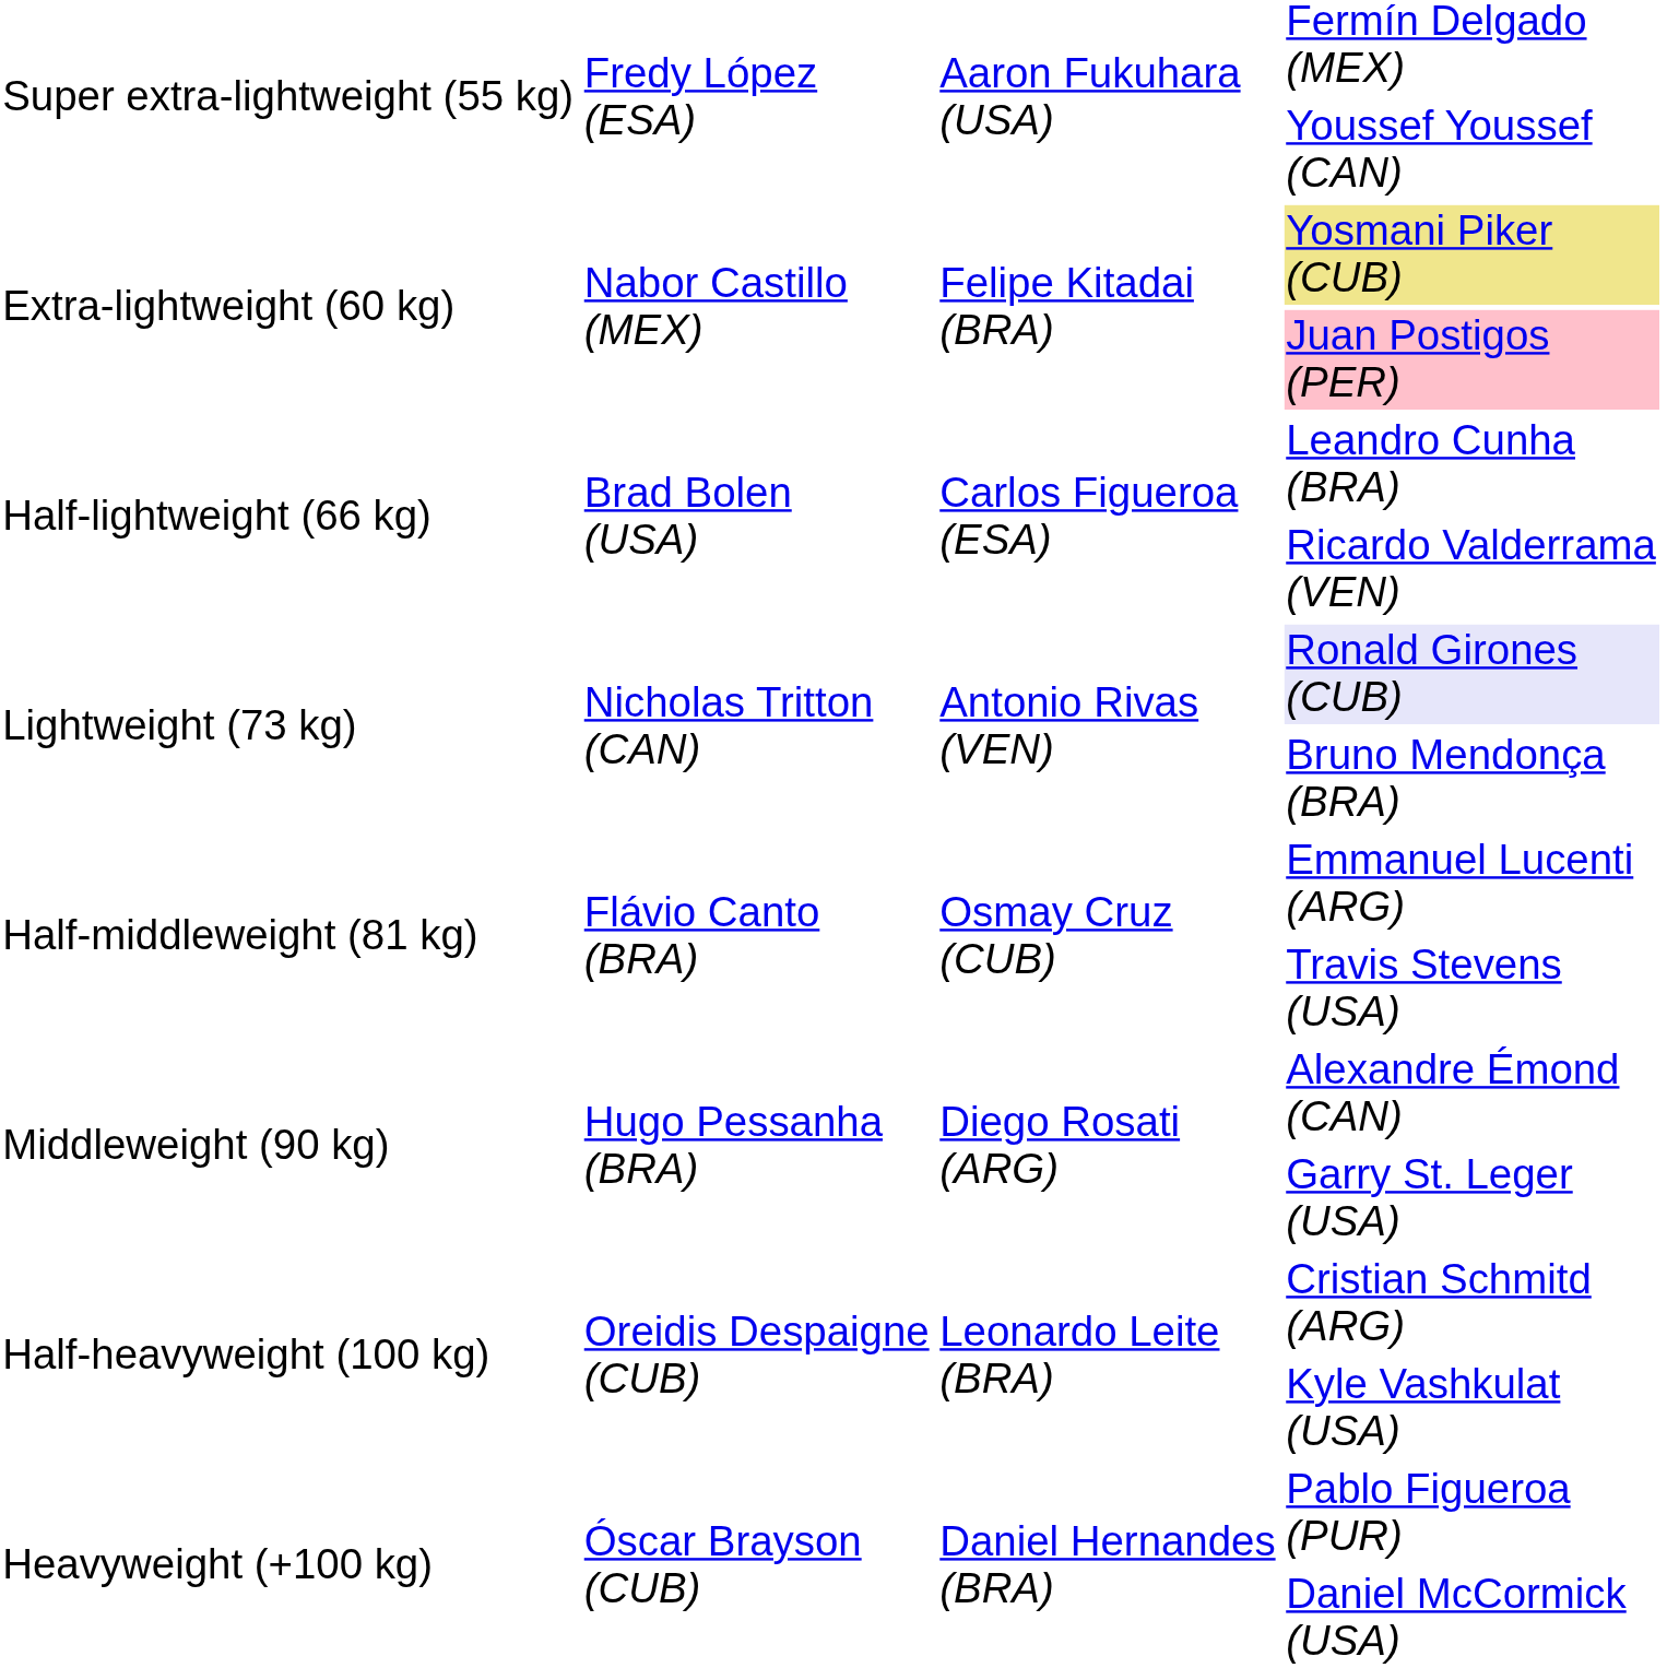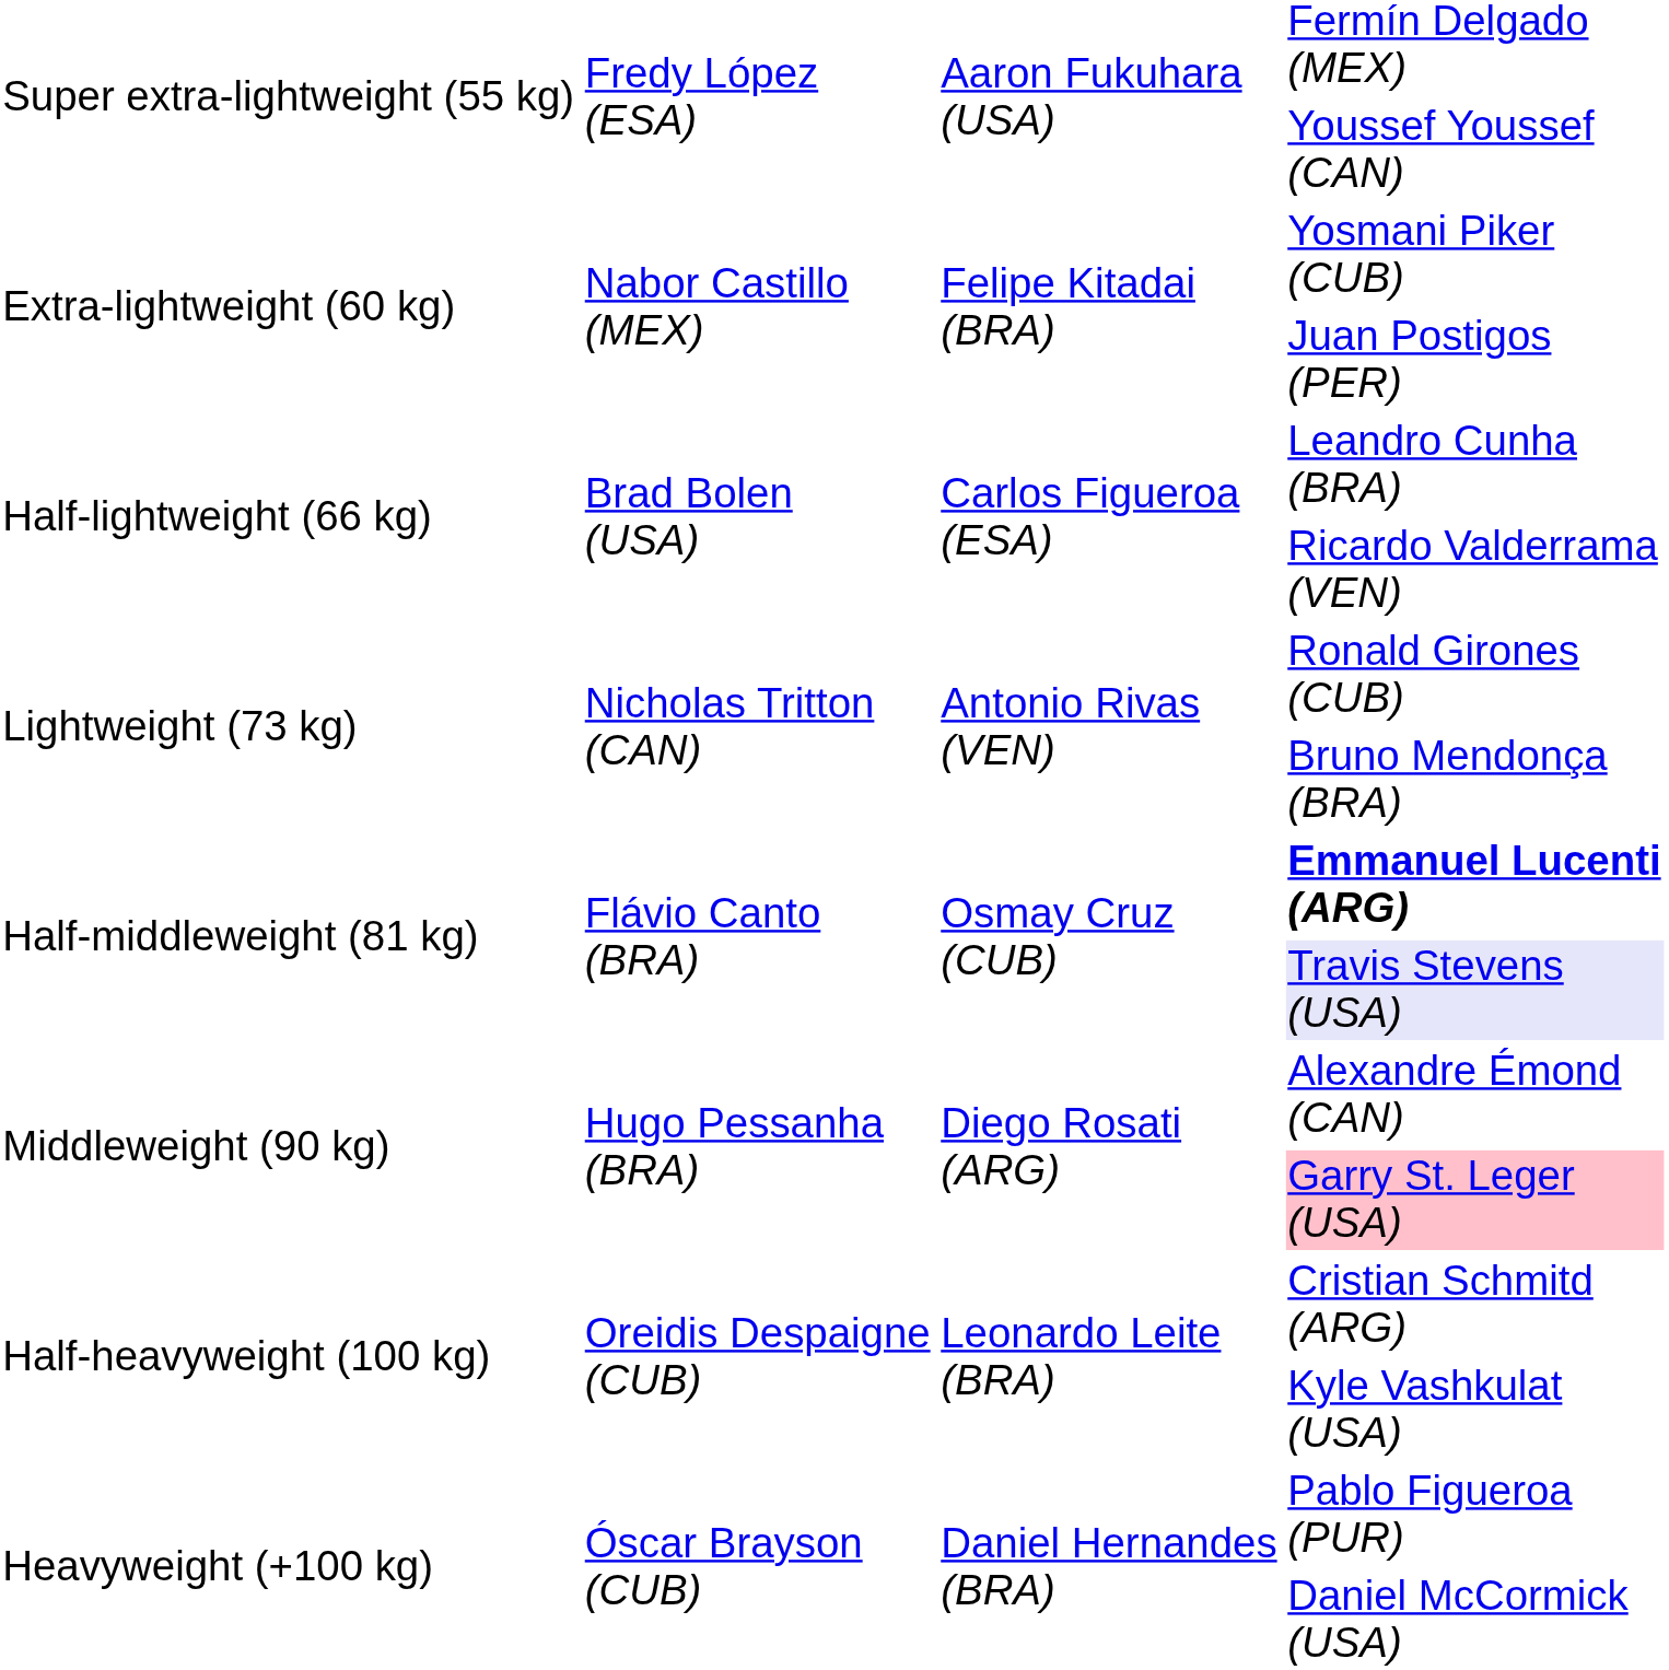 <table>
 <tr>
 <td rowspan=2>Super extra-lightweight (55 kg)</td>
 <td rowspan=2><a href='#'>Fredy López</a><br> <em> (ESA)</em></td>
 <td rowspan=2><a href='#'>Aaron Fukuhara</a> <br> <em> (USA)</em></td>
 <td><a href='#'>Fermín Delgado</a> <br> <em> (MEX)</em></td>
 </tr>
 <tr>
 <td><a href='#'>Youssef Youssef</a> <br> <em> (CAN)</em></td>
 </tr>
 <tr>
 <td rowspan=2>Extra-lightweight (60 kg)</td>
 <td rowspan=2><a href='#'>Nabor Castillo</a><br> <em> (MEX)</em></td>
 <td rowspan=2><a href='#'>Felipe Kitadai</a> <br> <em> (BRA)</em></td>
-<td style="background: khaki;"><a href='#'>Yosmani Piker</a> <br> <em> (CUB)</em></td>
+<td><a href='#'>Yosmani Piker</a> <br> <em> (CUB)</em></td>
 </tr>
 <tr>
-<td style="background: pink;"><a href='#'>Juan Postigos</a> <br> <em> (PER)</em></td>
+<td><a href='#'>Juan Postigos</a> <br> <em> (PER)</em></td>
 </tr>
 <tr>
 <td rowspan=2>Half-lightweight (66 kg)</td>
 <td rowspan=2><a href='#'>Brad Bolen</a><br> <em> (USA)</em></td>
 <td rowspan=2><a href='#'>Carlos Figueroa</a> <br> <em> (ESA)</em></td>
 <td><a href='#'>Leandro Cunha</a> <br> <em> (BRA)</em></td>
 </tr>
 <tr>
 <td><a href='#'>Ricardo Valderrama</a> <br> <em> (VEN)</em></td>
 </tr>
 <tr>
 <td rowspan=2>Lightweight (73 kg)</td>
 <td rowspan=2><a href='#'>Nicholas Tritton</a><br> <em> (CAN)</em></td>
 <td rowspan=2><a href='#'>Antonio Rivas</a> <br> <em> (VEN)</em></td>
-<td style="background: lavender;"><a href='#'>Ronald Girones</a> <br> <em> (CUB)</em></td>
+<td><a href='#'>Ronald Girones</a> <br> <em> (CUB)</em></td>
 </tr>
 <tr>
 <td><a href='#'>Bruno Mendonça</a> <br> <em> (BRA)</em></td>
 </tr>
 <tr>
 <td rowspan=2>Half-middleweight (81 kg)</td>
 <td rowspan=2><a href='#'>Flávio Canto</a><br> <em> (BRA)</em></td>
 <td rowspan=2><a href='#'>Osmay Cruz</a> <br> <em> (CUB)</em></td>
-<td><a href='#'>Emmanuel Lucenti</a> <br> <em> (ARG)</em></td>
+<td><strong><a href='#'>Emmanuel Lucenti</a> <br> <em> (ARG)</em></strong></td>
 </tr>
 <tr>
-<td><a href='#'>Travis Stevens</a> <br> <em> (USA)</em></td>
+<td style="background: lavender;"><a href='#'>Travis Stevens</a> <br> <em> (USA)</em></td>
 </tr>
 <tr>
 <td rowspan=2>Middleweight (90 kg)</td>
 <td rowspan=2><a href='#'>Hugo Pessanha</a><br><em> (BRA)</em></td>
 <td rowspan=2><a href='#'>Diego Rosati</a><br><em> (ARG)</em></td>
 <td><a href='#'>Alexandre Émond</a><br> <em> (CAN)</em></td>
 </tr>
 <tr>
-<td><a href='#'>Garry St. Leger</a> <br> <em> (USA)</em></td>
+<td style="background: pink;"><a href='#'>Garry St. Leger</a> <br> <em> (USA)</em></td>
 </tr>
 <tr>
 <td rowspan=2>Half-heavyweight (100 kg)</td>
 <td rowspan=2><a href='#'>Oreidis Despaigne</a><br><em> (CUB)</em></td>
 <td rowspan=2><a href='#'>Leonardo Leite</a><br><em> (BRA)</em></td>
 <td><a href='#'>Cristian Schmitd</a><br> <em> (ARG)</em></td>
 </tr>
 <tr>
 <td><a href='#'>Kyle Vashkulat</a> <br> <em> (USA)</em></td>
 </tr>
 <tr>
 <td rowspan=2>Heavyweight (+100 kg)</td>
 <td rowspan=2><a href='#'>Óscar Brayson</a><br><em> (CUB)</em></td>
 <td rowspan=2><a href='#'>Daniel Hernandes</a><br><em> (BRA)</em></td>
 <td><a href='#'>Pablo Figueroa</a><br> <em> (PUR)</em></td>
 </tr>
 <tr>
 <td><a href='#'>Daniel McCormick</a> <br> <em> (USA)</em></td>
 </tr>
 </table>
